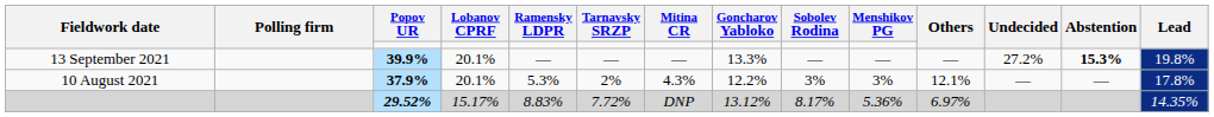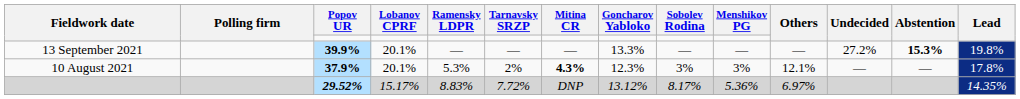 <table class="wikitable" style="font-size:95%; line-height:14px; text-align:center">
 <tr>
 <th rowspan="2" style="width:200px;">Fieldwork date</th>
 <th rowspan="2" style="width:150px;">Polling firm</th>
 <th style="width:60px;"><small><a href='#'>Popov</a></small><br><a href='#'>UR</a></th>
 <th style="width:60px;"><small><a href='#'>Lobanov</a></small><br><a href='#'>CPRF</a></th>
 <th style="width:60px;"><small><a href='#'>Ramensky</a></small><br><a href='#'>LDPR</a></th>
 <th style="width:60px;"><small><a href='#'>Tarnavsky</a></small><br><a href='#'>SRZP</a></th>
 <th style="width:60px;"><small><a href='#'>Mitina</a></small><br><a href='#'>CR</a></th>
 <th style="width:60px;"><small><a href='#'>Goncharov</a></small><br><a href='#'>Yabloko</a></th>
 <th style="width:60px;"><small><a href='#'>Sobolev</a></small><br><a href='#'>Rodina</a></th>
 <th style="width:60px;"><small><a href='#'>Menshikov</a></small><br><a href='#'>PG</a></th>
 <th rowspan="2" style="width:60px;">Others</th>
 <th rowspan="2" style="width:60px;">Undecided</th>
 <th rowspan="2" style="width:60px;">Abstention</th>
 <th rowspan="2" style="width:60px;">Lead</th>
 </tr>
 <tr>
 <td></td>
 <td></td>
 <td></td>
 <td></td>
 <td></td>
 <td></td>
 <td></td>
 <td></td>
 </tr>
 <tr>
 <td>13 September 2021</td>
 <td></td>
 <td style="background:#B3E0FF"><strong>39.9%</strong></td>
 <td>20.1%</td>
 <td>—</td>
 <td>—</td>
 <td>—</td>
 <td>13.3%</td>
 <td>—</td>
 <td>—</td>
 <td>—</td>
 <td>27.2%</td>
 <td><strong>15.3%</strong></td>
 <td style="background:#0C2C84; color:white;">19.8%</td>
 </tr>
 <tr>
 <td>10 August 2021</td>
 <td></td>
 <td style="background:#B3E0FF"><strong>37.9%</strong></td>
 <td>20.1%</td>
 <td>5.3%</td>
 <td>2%</td>
-<td>4.3%</td>
-<td>12.2%</td>
+<td><strong>4.3%</strong></td>
+<td>12.3%</td>
 <td>3%</td>
 <td>3%</td>
 <td>12.1%</td>
 <td>—</td>
 <td>—</td>
 <td style="background:#0C2C84; color:white;">17.8%</td>
 </tr>
 <tr>
 <td style="background:#D5D5D5"></td>
 <td style="background:#D5D5D5"></td>
 <td style="background:#B3E0FF"><strong><em>29.52%</em></strong></td>
 <td style="background:#D5D5D5"><em>15.17%</em></td>
 <td style="background:#D5D5D5"><em>8.83%</em></td>
 <td style="background:#D5D5D5"><em>7.72%</em></td>
 <td style="background:#D5D5D5"><em>DNP</em></td>
 <td style="background:#D5D5D5"><em>13.12%</em></td>
 <td style="background:#D5D5D5"><em>8.17%</em></td>
 <td style="background:#D5D5D5"><em>5.36%</em></td>
 <td style="background:#D5D5D5"><em>6.97%</em></td>
 <td style="background:#D5D5D5"></td>
 <td style="background:#D5D5D5"></td>
 <td style="background:#0C2C84; color:white;"><em>14.35%</em></td>
 </tr>
 </table>
